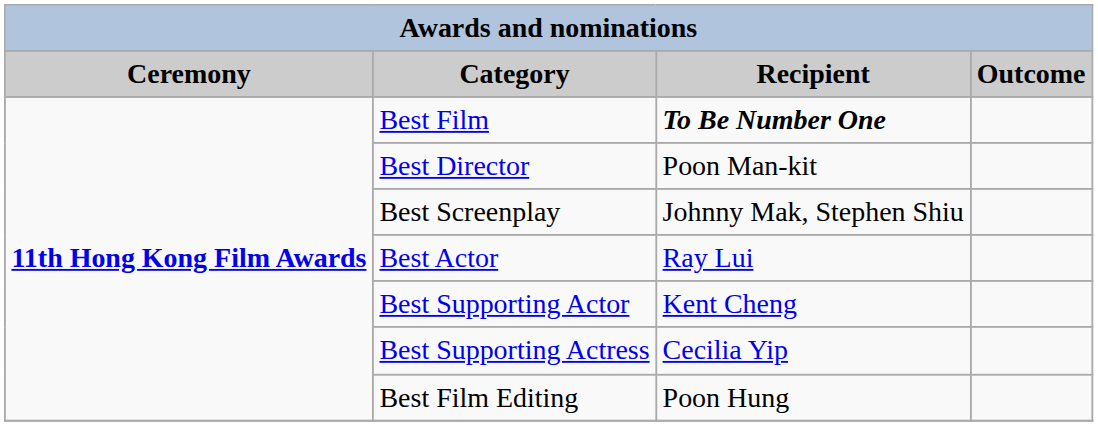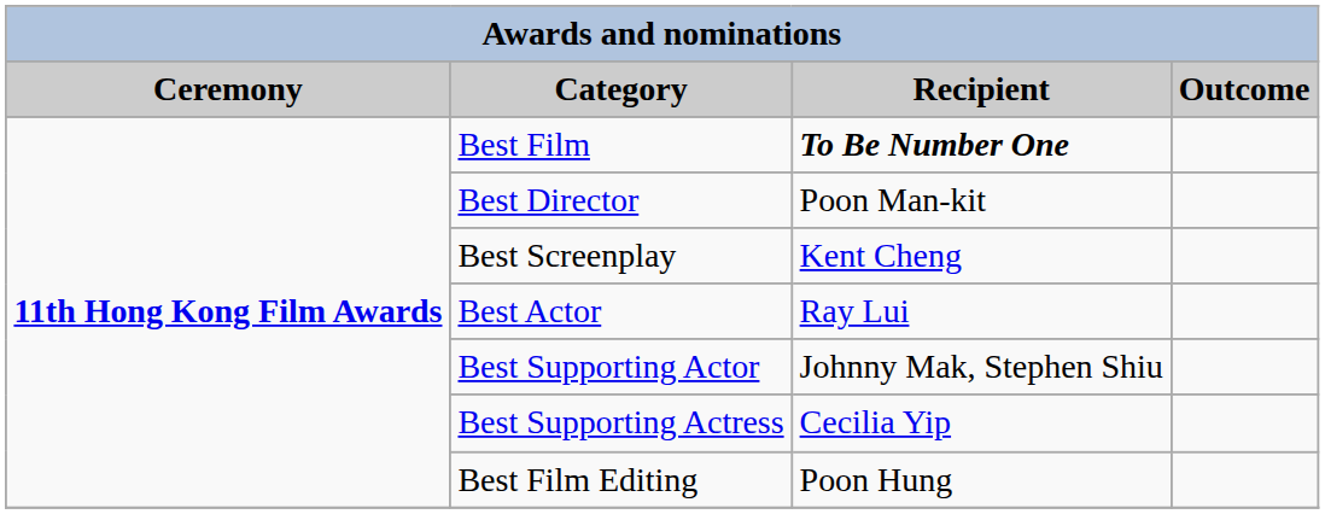 <table class="wikitable" style="font-size:95%;" ;>
 <tr style="background:#ccc; text-align:center;">
 <th colspan="4" style="background: LightSteelBlue;">Awards and nominations</th>
 </tr>
 <tr style="background:#ccc; text-align:center;">
 <th style="background:#ccc">Ceremony</th>
 <th style="background:#ccc">Category</th>
 <th style="background:#ccc">Recipient</th>
 <th style="background:#ccc">Outcome</th>
 </tr>
 <tr>
 <td rowspan=7><strong><a href='#'>11th Hong Kong Film Awards</a></strong></td>
 <td><a href='#'>Best Film</a></td>
 <td><strong><em>To Be Number One</em></strong></td>
 <td></td>
 </tr>
 <tr>
 <td><a href='#'>Best Director</a></td>
 <td>Poon Man-kit</td>
 <td></td>
 </tr>
 <tr>
 <td>Best Screenplay</td>
-<td>Johnny Mak, Stephen Shiu</td>
+<td><a href='#'>Kent Cheng</a></td>
 <td></td>
 </tr>
 <tr>
 <td><a href='#'>Best Actor</a></td>
 <td><a href='#'>Ray Lui</a></td>
 <td></td>
 </tr>
 <tr>
 <td><a href='#'>Best Supporting Actor</a></td>
-<td><a href='#'>Kent Cheng</a></td>
+<td>Johnny Mak, Stephen Shiu</td>
 <td></td>
 </tr>
 <tr>
 <td><a href='#'>Best Supporting Actress</a></td>
 <td><a href='#'>Cecilia Yip</a></td>
 <td></td>
 </tr>
 <tr>
 <td>Best Film Editing</td>
 <td>Poon Hung</td>
 <td></td>
 </tr>
 <tr>
 </tr>
 </table>
